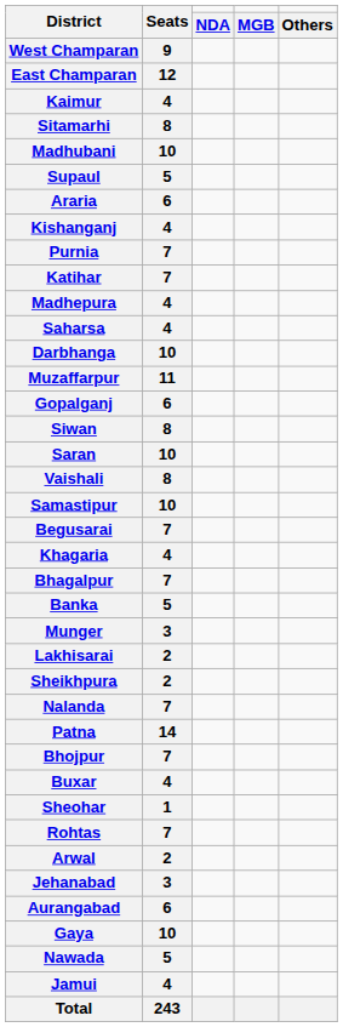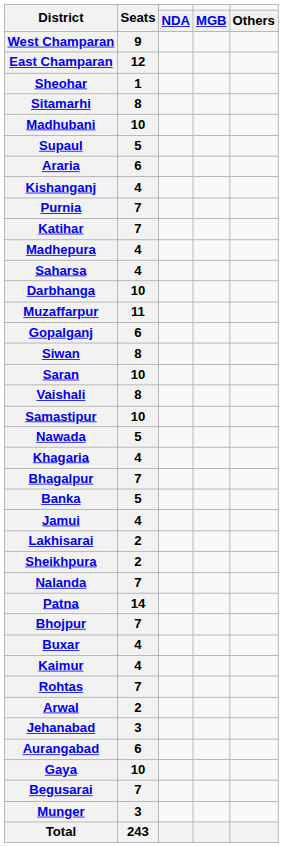 <table class="wikitable" style="text-align:center;">
 <tr>
 <th rowspan="2">District</th>
 <th rowspan="2">Seats</th>
 <td style="color:inherit;background:"></td>
 <td style="color:inherit;background:"></td>
 <td style="color:inherit;background:"></td>
 </tr>
 <tr>
 <th><a href='#'>NDA</a></th>
 <th><a href='#'>MGB</a></th>
 <th>Others</th>
 </tr>
 <tr>
 <th><a href='#'>West Champaran</a></th>
 <th>9</th>
 <td></td>
 <td></td>
 <td></td>
 </tr>
 <tr>
 <th><a href='#'>East Champaran</a></th>
 <th>12</th>
 <td></td>
 <td></td>
 <td></td>
 </tr>
 <tr>
-<th><a href='#'>Kaimur</a></th>
-<th>4</th>
+<th><a href='#'>Sheohar</a></th>
+<th>1</th>
 <td></td>
 <td></td>
 <td></td>
 </tr>
 <tr>
 <th><a href='#'>Sitamarhi</a></th>
 <th>8</th>
 <td></td>
 <td></td>
 <td></td>
 </tr>
 <tr>
 <th><a href='#'>Madhubani</a></th>
 <th>10</th>
 <td></td>
 <td></td>
 <td></td>
 </tr>
 <tr>
 <th><a href='#'>Supaul</a></th>
 <th>5</th>
 <td></td>
 <td></td>
 <td></td>
 </tr>
 <tr>
 <th><a href='#'>Araria</a></th>
 <th>6</th>
 <td></td>
 <td></td>
 <td></td>
 </tr>
 <tr>
 <th><a href='#'>Kishanganj</a></th>
 <th>4</th>
 <td></td>
 <td></td>
 <td></td>
 </tr>
 <tr>
 <th><a href='#'>Purnia</a></th>
 <th>7</th>
 <td></td>
 <td></td>
 <td></td>
 </tr>
 <tr>
 <th><a href='#'>Katihar</a></th>
 <th>7</th>
 <td></td>
 <td></td>
 <td></td>
 </tr>
 <tr>
 <th><a href='#'>Madhepura</a></th>
 <th>4</th>
 <td></td>
 <td></td>
 <td></td>
 </tr>
 <tr>
 <th><a href='#'>Saharsa</a></th>
 <th>4</th>
 <td></td>
 <td></td>
 <td></td>
 </tr>
 <tr>
 <th><a href='#'>Darbhanga</a></th>
 <th>10</th>
 <td></td>
 <td></td>
 <td></td>
 </tr>
 <tr>
 <th><a href='#'>Muzaffarpur</a></th>
 <th>11</th>
 <td></td>
 <td></td>
 <td></td>
 </tr>
 <tr>
 <th><a href='#'>Gopalganj</a></th>
 <th>6</th>
 <td></td>
 <td></td>
 <td></td>
 </tr>
 <tr>
 <th><a href='#'>Siwan</a></th>
 <th>8</th>
 <td></td>
 <td></td>
 <td></td>
 </tr>
 <tr>
 <th><a href='#'>Saran</a></th>
 <th>10</th>
 <td></td>
 <td></td>
 <td></td>
 </tr>
 <tr>
 <th><a href='#'>Vaishali</a></th>
 <th>8</th>
 <td></td>
 <td></td>
 <td></td>
 </tr>
 <tr>
 <th><a href='#'>Samastipur</a></th>
 <th>10</th>
 <td></td>
 <td></td>
 <td></td>
 </tr>
 <tr>
-<th><a href='#'>Begusarai</a></th>
-<th>7</th>
+<th><a href='#'>Nawada</a></th>
+<th>5</th>
 <td></td>
 <td></td>
 <td></td>
 </tr>
 <tr>
 <th><a href='#'>Khagaria</a></th>
 <th>4</th>
 <td></td>
 <td></td>
 <td></td>
 </tr>
 <tr>
 <th><a href='#'>Bhagalpur</a></th>
 <th>7</th>
 <td></td>
 <td></td>
 <td></td>
 </tr>
 <tr>
 <th><a href='#'>Banka</a></th>
 <th>5</th>
 <td></td>
 <td></td>
 <td></td>
 </tr>
 <tr>
-<th><a href='#'>Munger</a></th>
-<th>3</th>
+<th><a href='#'>Jamui</a></th>
+<th>4</th>
 <td></td>
 <td></td>
 <td></td>
 </tr>
 <tr>
 <th><a href='#'>Lakhisarai</a></th>
 <th>2</th>
 <td></td>
 <td></td>
 <td></td>
 </tr>
 <tr>
 <th><a href='#'>Sheikhpura</a></th>
 <th>2</th>
 <td></td>
 <td></td>
 <td></td>
 </tr>
 <tr>
 <th><a href='#'>Nalanda</a></th>
 <th>7</th>
 <td></td>
 <td></td>
 <td></td>
 </tr>
 <tr>
 <th><a href='#'>Patna</a></th>
 <th>14</th>
 <td></td>
 <td></td>
 <td></td>
 </tr>
 <tr>
 <th><a href='#'>Bhojpur</a></th>
 <th>7</th>
 <td></td>
 <td></td>
 <td></td>
 </tr>
 <tr>
 <th><a href='#'>Buxar</a></th>
 <th>4</th>
 <td></td>
 <td></td>
 <td></td>
 </tr>
 <tr>
-<th><a href='#'>Sheohar</a></th>
-<th>1</th>
+<th><a href='#'>Kaimur</a></th>
+<th>4</th>
 <td></td>
 <td></td>
 <td></td>
 </tr>
 <tr>
 <th><a href='#'>Rohtas</a></th>
 <th>7</th>
 <td></td>
 <td></td>
 <td></td>
 </tr>
 <tr>
 <th><a href='#'>Arwal</a></th>
 <th>2</th>
 <td></td>
 <td></td>
 <td></td>
 </tr>
 <tr>
 <th><a href='#'>Jehanabad</a></th>
 <th>3</th>
 <td></td>
 <td></td>
 <td></td>
 </tr>
 <tr>
 <th><a href='#'>Aurangabad</a></th>
 <th>6</th>
 <td></td>
 <td></td>
 <td></td>
 </tr>
 <tr>
 <th><a href='#'>Gaya</a></th>
 <th>10</th>
 <td></td>
 <td></td>
 <td></td>
 </tr>
 <tr>
-<th><a href='#'>Nawada</a></th>
-<th>5</th>
+<th><a href='#'>Begusarai</a></th>
+<th>7</th>
 <td></td>
 <td></td>
 <td></td>
 </tr>
 <tr>
-<th><a href='#'>Jamui</a></th>
-<th>4</th>
+<th><a href='#'>Munger</a></th>
+<th>3</th>
 <td></td>
 <td></td>
 <td></td>
 </tr>
 <tr>
 <th>Total</th>
 <th>243</th>
 <th></th>
 <th></th>
 <th></th>
 </tr>
 </table>
